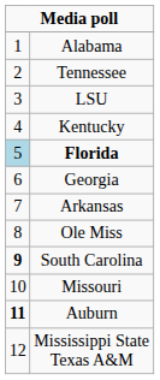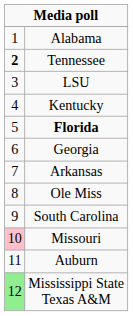 <table class="wikitable">
 <tr align="center">
 <td align="center" Colspan="3"><strong>Media poll</strong></td>
 </tr>
 <tr align="center">
 </tr>
 <tr align="center">
 <td>1</td>
 <td>Alabama</td>
 </tr>
 <tr align="center">
-<td>2</td>
+<td><strong>2</strong></td>
 <td>Tennessee</td>
 </tr>
 <tr align="center">
 <td>3</td>
 <td>LSU</td>
 </tr>
 <tr align="center">
 <td>4</td>
 <td>Kentucky</td>
 </tr>
 <tr align="center">
-<td style="background: lightblue;">5</td>
+<td>5</td>
 <td><strong>Florida</strong></td>
 </tr>
 <tr align="center">
 <td>6</td>
 <td>Georgia</td>
 </tr>
 <tr align="center">
 <td>7</td>
 <td>Arkansas</td>
 </tr>
 <tr align="center">
 <td>8</td>
 <td>Ole Miss</td>
 </tr>
 <tr align="center">
-<td><strong>9</strong></td>
+<td>9</td>
 <td>South Carolina</td>
 </tr>
 <tr align="center">
-<td>10</td>
+<td style="background: pink;">10</td>
 <td>Missouri</td>
 </tr>
 <tr align="center">
-<td><strong>11</strong></td>
+<td>11</td>
 <td>Auburn</td>
 </tr>
 <tr align="center">
-<td>12</td>
+<td style="background: lightgreen;">12</td>
 <td>Mississippi State<br>Texas A&M</td>
 </tr>
 </table>
